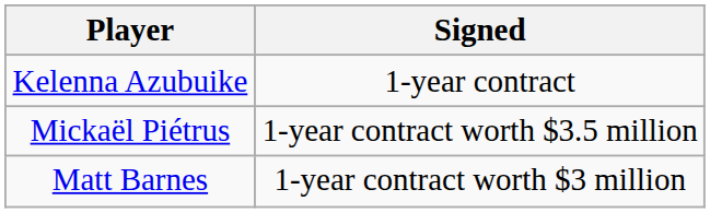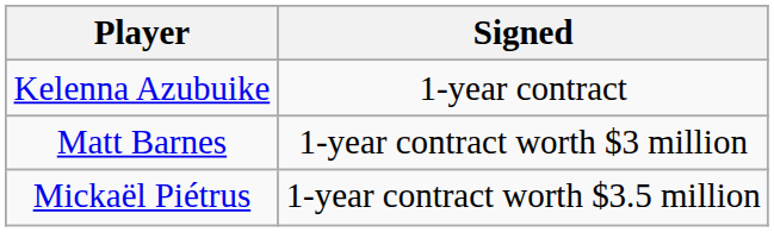 <table class="wikitable sortable sortable">
 <tr>
 <th>Player</th>
 <th>Signed</th>
 </tr>
 <tr style="text-align: center">
 <td><a href='#'>Kelenna Azubuike</a></td>
 <td>1-year contract</td>
 </tr>
 <tr style="text-align: center">
+<td><a href='#'>Matt Barnes</a></td>
+<td>1-year contract worth $3 million</td>
+</tr>
+<tr style="text-align: center">
 <td><a href='#'>Mickaël Piétrus</a></td>
 <td>1-year contract worth $3.5 million</td>
 </tr>
-<tr style="text-align: center">
-<td><a href='#'>Matt Barnes</a></td>
-<td>1-year contract worth $3 million</td>
-</tr>
 </table>
